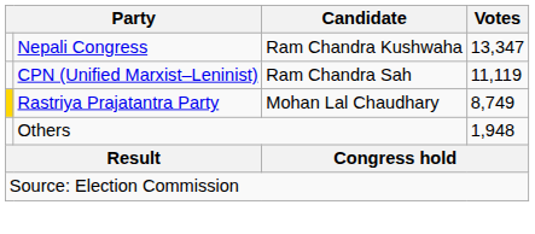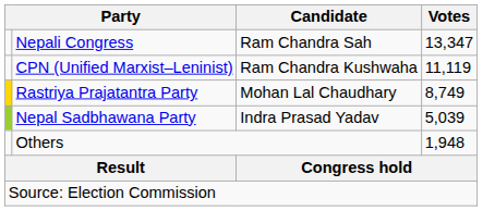 <table class="wikitable">
 <tr>
 <th colspan="2">Party</th>
 <th>Candidate</th>
 <th>Votes</th>
 </tr>
 <tr>
 <td style="background-color:"></td>
 <td><a href='#'>Nepali Congress</a></td>
-<td>Ram Chandra Kushwaha</td>
+<td>Ram Chandra Sah</td>
 <td>13,347</td>
 </tr>
 <tr>
 <td style="background-color:"></td>
 <td><a href='#'>CPN (Unified Marxist–Leninist)</a></td>
-<td>Ram Chandra Sah</td>
+<td>Ram Chandra Kushwaha</td>
 <td>11,119</td>
 </tr>
 <tr>
 <td style="background-color:gold"></td>
 <td><a href='#'>Rastriya Prajatantra Party</a></td>
 <td>Mohan Lal Chaudhary</td>
 <td>8,749</td>
+</tr>
+<tr>
+<td style="background-color:yellowgreen"></td>
+<td><a href='#'>Nepal Sadbhawana Party</a></td>
+<td>Indra Prasad Yadav</td>
+<td>5,039</td>
 </tr>
 <tr>
 <td></td>
 <td colspan="2">Others</td>
 <td>1,948</td>
 </tr>
 <tr>
 <th colspan="2">Result</th>
 <th colspan="2">Congress hold</th>
 </tr>
 <tr>
 <td colspan="4">Source: Election Commission</td>
 </tr>
 </table>
